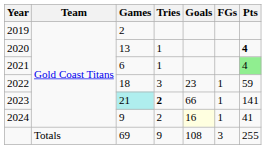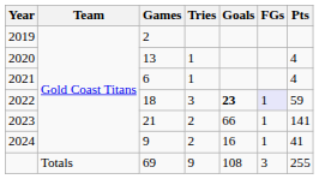 <table class="wikitable">
 <tr>
 <th>Year</th>
 <th>Team</th>
 <th>Games</th>
 <th>Tries</th>
 <th>Goals</th>
 <th>FGs</th>
 <th>Pts</th>
 </tr>
 <tr>
 <td>2019</td>
 <td rowspan="6"> <a href='#'>Gold Coast Titans</a></td>
 <td>2</td>
 <td></td>
 <td></td>
 <td></td>
 <td></td>
 </tr>
 <tr>
 <td>2020</td>
 <td>13</td>
 <td>1</td>
 <td></td>
 <td></td>
-<td><strong>4</strong></td>
+<td>4</td>
 </tr>
 <tr>
 <td>2021</td>
 <td>6</td>
 <td>1</td>
 <td></td>
 <td></td>
-<td style="background: lightgreen;">4</td>
+<td>4</td>
 </tr>
 <tr>
 <td>2022</td>
 <td>18</td>
 <td>3</td>
-<td>23</td>
-<td>1</td>
+<td><strong>23</strong></td>
+<td style="background: lavender;">1</td>
 <td>59</td>
 </tr>
 <tr>
 <td>2023</td>
-<td style="background: paleturquoise;">21</td>
-<td><strong>2</strong></td>
+<td>21</td>
+<td>2</td>
 <td>66</td>
 <td>1</td>
 <td>141</td>
 </tr>
 <tr>
 <td>2024</td>
 <td>9</td>
 <td>2</td>
-<td style="background: lightyellow;">16</td>
+<td>16</td>
 <td>1</td>
 <td>41</td>
 </tr>
 <tr>
 <td></td>
 <td>Totals</td>
 <td>69</td>
 <td>9</td>
 <td>108</td>
 <td>3</td>
 <td>255</td>
 </tr>
 </table>
